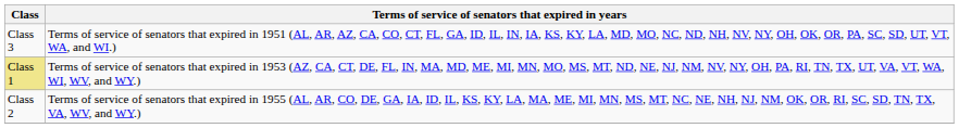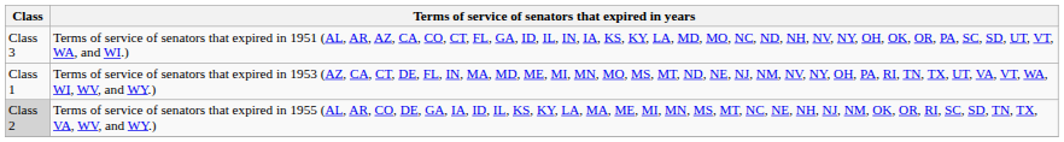 <table class="wikitable sortable">
 <tr valign=bottom>
 <th>Class</th>
 <th>Terms of service of senators that expired in years</th>
 </tr>
 <tr>
 <td>Class 3</td>
 <td>Terms of service of senators that expired in 1951 (<a href='#'>AL</a>, <a href='#'>AR</a>, <a href='#'>AZ</a>, <a href='#'>CA</a>, <a href='#'>CO</a>, <a href='#'>CT</a>, <a href='#'>FL</a>, <a href='#'>GA</a>, <a href='#'>ID</a>, <a href='#'>IL</a>, <a href='#'>IN</a>, <a href='#'>IA</a>, <a href='#'>KS</a>, <a href='#'>KY</a>, <a href='#'>LA</a>, <a href='#'>MD</a>, <a href='#'>MO</a>, <a href='#'>NC</a>, <a href='#'>ND</a>, <a href='#'>NH</a>, <a href='#'>NV</a>, <a href='#'>NY</a>, <a href='#'>OH</a>, <a href='#'>OK</a>, <a href='#'>OR</a>, <a href='#'>PA</a>, <a href='#'>SC</a>, <a href='#'>SD</a>, <a href='#'>UT</a>, <a href='#'>VT</a>, <a href='#'>WA</a>, and <a href='#'>WI</a>.)</td>
 </tr>
 <tr>
-<td style="background: khaki;">Class 1</td>
+<td>Class 1</td>
 <td>Terms of service of senators that expired in 1953 (<a href='#'>AZ</a>, <a href='#'>CA</a>, <a href='#'>CT</a>, <a href='#'>DE</a>, <a href='#'>FL</a>, <a href='#'>IN</a>, <a href='#'>MA</a>, <a href='#'>MD</a>, <a href='#'>ME</a>,  <a href='#'>MI</a>, <a href='#'>MN</a>, <a href='#'>MO</a>, <a href='#'>MS</a>, <a href='#'>MT</a>, <a href='#'>ND</a>, <a href='#'>NE</a>, <a href='#'>NJ</a>, <a href='#'>NM</a>, <a href='#'>NV</a>, <a href='#'>NY</a>, <a href='#'>OH</a>, <a href='#'>PA</a>, <a href='#'>RI</a>, <a href='#'>TN</a>, <a href='#'>TX</a>, <a href='#'>UT</a>, <a href='#'>VA</a>, <a href='#'>VT</a>, <a href='#'>WA</a>, <a href='#'>WI</a>, <a href='#'>WV</a>, and <a href='#'>WY</a>.)</td>
 </tr>
 <tr>
-<td>Class 2</td>
+<td style="background: lightgrey;">Class 2</td>
 <td>Terms of service of senators that expired in 1955 (<a href='#'>AL</a>, <a href='#'>AR</a>, <a href='#'>CO</a>, <a href='#'>DE</a>, <a href='#'>GA</a>, <a href='#'>IA</a>, <a href='#'>ID</a>, <a href='#'>IL</a>, <a href='#'>KS</a>, <a href='#'>KY</a>, <a href='#'>LA</a>, <a href='#'>MA</a>, <a href='#'>ME</a>, <a href='#'>MI</a>, <a href='#'>MN</a>, <a href='#'>MS</a>, <a href='#'>MT</a>, <a href='#'>NC</a>, <a href='#'>NE</a>, <a href='#'>NH</a>, <a href='#'>NJ</a>, <a href='#'>NM</a>, <a href='#'>OK</a>, <a href='#'>OR</a>, <a href='#'>RI</a>, <a href='#'>SC</a>, <a href='#'>SD</a>, <a href='#'>TN</a>, <a href='#'>TX</a>, <a href='#'>VA</a>, <a href='#'>WV</a>, and <a href='#'>WY</a>.)</td>
 </tr>
 <tr>
 </tr>
 </table>
